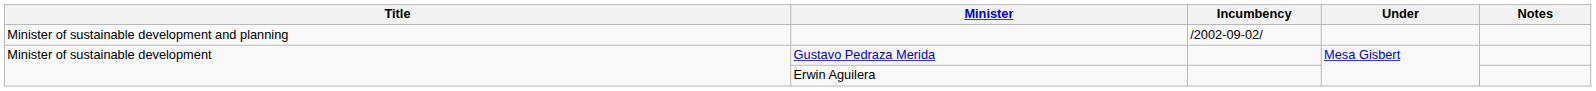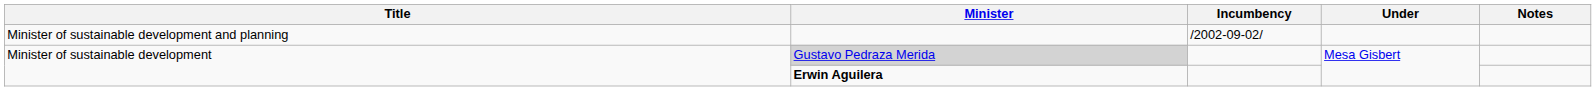 <table class="wikitable" style="width:100%;">
 <tr>
 <th>Title</th>
 <th style="width:25%;"><a href='#'>Minister</a></th>
 <th style="width:160px;">Incumbency</th>
 <th style="width:10%;">Under</th>
 <th style="width:7%;">Notes</th>
 </tr>
 <tr>
 <td>Minister of sustainable development and planning</td>
 <td></td>
 <td>/2002-09-02/</td>
 <td></td>
 <td></td>
 </tr>
 <tr>
 <td rowspan="2" style="vertical-align:top;">Minister of sustainable development</td>
-<td><a href='#'>Gustavo Pedraza Merida</a></td>
+<td style="background: lightgrey;"><a href='#'>Gustavo Pedraza Merida</a></td>
 <td></td>
 <td rowspan="2" style="vertical-align:top;"><a href='#'>Mesa Gisbert</a></td>
 <td></td>
 </tr>
 <tr>
-<td>Erwin Aguilera</td>
+<td><strong>Erwin Aguilera</strong></td>
 <td></td>
 <td></td>
 </tr>
 </table>
